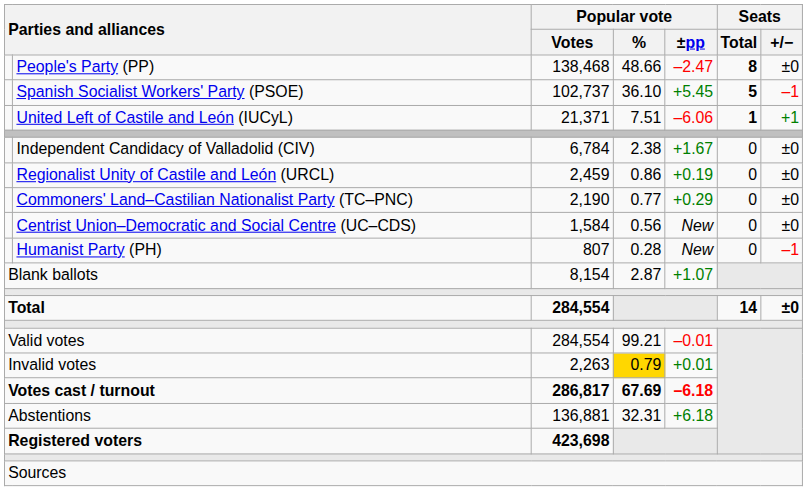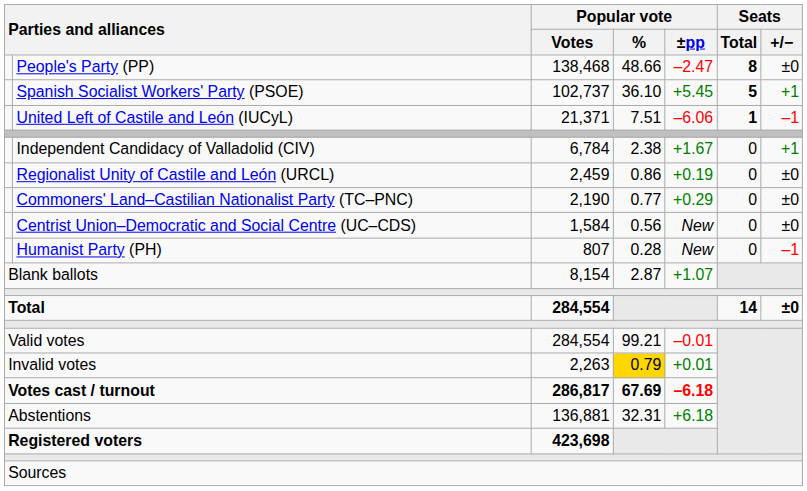 <table class="wikitable" style="text-align:right;">
 <tr>
 <th style="text-align:left;" rowspan="2" colspan="2" width="525">Parties and alliances</th>
 <th colspan="3">Popular vote</th>
 <th colspan="2">Seats</th>
 </tr>
 <tr>
 <th width="75">Votes</th>
 <th width="45">%</th>
 <th width="45">±<a href='#'>pp</a></th>
 <th width="35">Total</th>
 <th width="35">+/−</th>
 </tr>
 <tr>
 <td width="1" style="color:inherit;background:"></td>
 <td align="left"><a href='#'>People's Party</a> (PP)</td>
 <td>138,468</td>
 <td>48.66</td>
 <td style="color:red;">–2.47</td>
 <td><strong>8</strong></td>
 <td>±0</td>
 </tr>
 <tr>
 <td style="color:inherit;background:"></td>
 <td align="left"><a href='#'>Spanish Socialist Workers' Party</a> (PSOE)</td>
 <td>102,737</td>
 <td>36.10</td>
 <td style="color:green;">+5.45</td>
 <td><strong>5</strong></td>
-<td style="color:red;">–1</td>
+<td style="color:green;">+1</td>
 </tr>
 <tr>
 <td style="color:inherit;background:"></td>
 <td align="left"><a href='#'>United Left of Castile and León</a> (IUCyL)</td>
 <td>21,371</td>
 <td>7.51</td>
 <td style="color:red;">–6.06</td>
 <td><strong>1</strong></td>
-<td style="color:green;">+1</td>
+<td style="color:red;">–1</td>
 </tr>
 <tr>
 <td colspan="7" bgcolor="#C0C0C0"></td>
 </tr>
 <tr>
 <td style="color:inherit;background:"></td>
 <td align="left">Independent Candidacy of Valladolid (CIV)</td>
 <td>6,784</td>
 <td>2.38</td>
 <td style="color:green;">+1.67</td>
 <td>0</td>
-<td>±0</td>
+<td style="color:green;">+1</td>
 </tr>
 <tr>
 <td style="color:inherit;background:"></td>
 <td align="left"><a href='#'>Regionalist Unity of Castile and León</a> (URCL)</td>
 <td>2,459</td>
 <td>0.86</td>
 <td style="color:green;">+0.19</td>
 <td>0</td>
 <td>±0</td>
 </tr>
 <tr>
 <td style="color:inherit;background:"></td>
 <td align="left"><a href='#'>Commoners' Land–Castilian Nationalist Party</a> (TC–PNC)</td>
 <td>2,190</td>
 <td>0.77</td>
 <td style="color:green;">+0.29</td>
 <td>0</td>
 <td>±0</td>
 </tr>
 <tr>
 <td style="color:inherit;background:"></td>
 <td align="left"><a href='#'>Centrist Union–Democratic and Social Centre</a> (UC–CDS)</td>
 <td>1,584</td>
 <td>0.56</td>
 <td><em>New</em></td>
 <td>0</td>
 <td>±0</td>
 </tr>
 <tr>
 <td style="color:inherit;background:"></td>
 <td align="left"><a href='#'>Humanist Party</a> (PH)</td>
 <td>807</td>
 <td>0.28</td>
 <td><em>New</em></td>
 <td>0</td>
 <td style="color:red;">–1</td>
 </tr>
 <tr>
 <td align="left" colspan="2">Blank ballots</td>
 <td>8,154</td>
 <td>2.87</td>
 <td style="color:green;">+1.07</td>
 <td bgcolor="#E9E9E9" colspan="2"></td>
 </tr>
 <tr>
 <td colspan="7" bgcolor="#E9E9E9"></td>
 </tr>
 <tr style="font-weight:bold;">
 <td align="left" colspan="2">Total</td>
 <td>284,554</td>
 <td bgcolor="#E9E9E9" colspan="2"></td>
 <td>14</td>
 <td>±0</td>
 </tr>
 <tr>
 <td colspan="7" bgcolor="#E9E9E9"></td>
 </tr>
 <tr>
 <td align="left" colspan="2">Valid votes</td>
 <td>284,554</td>
 <td>99.21</td>
 <td style="color:red;">–0.01</td>
 <td bgcolor="#E9E9E9" colspan="2" rowspan="5"></td>
 </tr>
 <tr>
 <td align="left" colspan="2">Invalid votes</td>
 <td>2,263</td>
 <td style="background: gold;">0.79</td>
 <td style="color:green;">+0.01</td>
 </tr>
 <tr style="font-weight:bold;">
 <td align="left" colspan="2">Votes cast / turnout</td>
 <td>286,817</td>
 <td>67.69</td>
 <td style="color:red;">–6.18</td>
 </tr>
 <tr>
 <td align="left" colspan="2">Abstentions</td>
 <td>136,881</td>
 <td>32.31</td>
 <td style="color:green;">+6.18</td>
 </tr>
 <tr style="font-weight:bold;">
 <td align="left" colspan="2">Registered voters</td>
 <td>423,698</td>
 <td bgcolor="#E9E9E9" colspan="2"></td>
 </tr>
 <tr>
 <td colspan="7" bgcolor="#E9E9E9"></td>
 </tr>
 <tr>
 <td align="left" colspan="7">Sources</td>
 </tr>
 </table>
